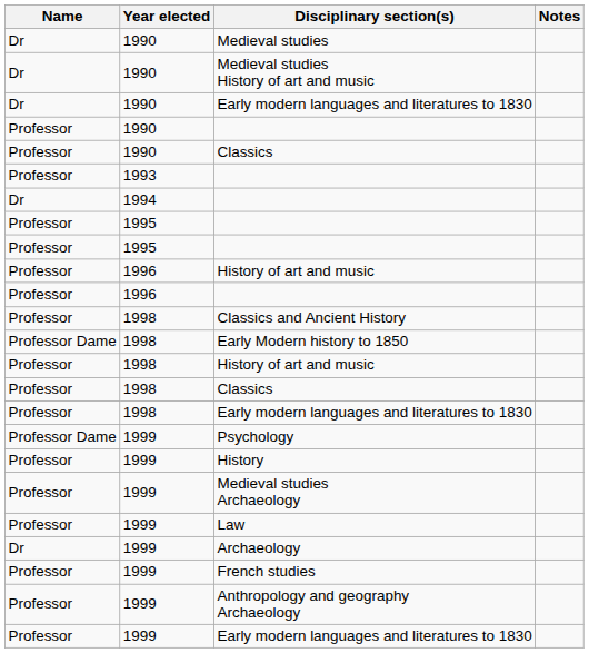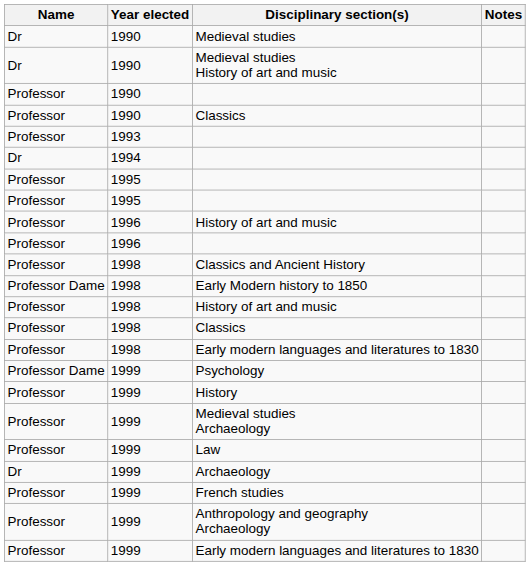 <table class="wikitable sortable">
 <tr>
 <th>Name</th>
 <th>Year elected</th>
 <th>Disciplinary section(s)</th>
 <th>Notes</th>
 </tr>
 <tr>
 <td data-sort-value="Professor West, Stephanie">Dr </td>
 <td>1990</td>
 <td>Medieval studies</td>
 <td></td>
 </tr>
 <tr>
 <td data-sort-value="Professor Bent, Margaret">Dr </td>
 <td>1990</td>
 <td>Medieval studies <br> History of art and music</td>
-<td></td>
-</tr>
-<tr>
-<td data-sort-value="Professor Hellinga, Lotte">Dr </td>
-<td>1990</td>
-<td>Early modern languages and literatures to 1830</td>
 <td></td>
 </tr>
 <tr>
 <td>Professor </td>
 <td>1990</td>
 <td></td>
 <td></td>
 </tr>
 <tr>
 <td>Professor </td>
 <td>1990</td>
 <td>Classics</td>
 <td></td>
 </tr>
 <tr>
 <td>Professor </td>
 <td>1993</td>
 <td></td>
 <td></td>
 </tr>
 <tr>
 <td data-sort-value="Professor Bammel, Caroline">Dr </td>
 <td>1994</td>
 <td></td>
 <td></td>
 </tr>
 <tr>
 <td>Professor </td>
 <td>1995</td>
 <td></td>
 <td></td>
 </tr>
 <tr>
 <td>Professor </td>
 <td>1995</td>
 <td></td>
 <td></td>
 </tr>
 <tr>
 <td>Professor </td>
 <td>1996</td>
 <td>History of art and music</td>
 <td></td>
 </tr>
 <tr>
 <td>Professor </td>
 <td>1996</td>
 <td></td>
 <td></td>
 </tr>
 <tr>
 <td>Professor </td>
 <td>1998</td>
 <td>Classics and Ancient History</td>
 <td></td>
 </tr>
 <tr>
 <td>Professor Dame </td>
 <td>1998</td>
 <td>Early Modern history to 1850</td>
 <td></td>
 </tr>
 <tr>
 <td>Professor </td>
 <td>1998</td>
 <td>History of art and music</td>
 <td></td>
 </tr>
 <tr>
 <td>Professor </td>
 <td>1998</td>
 <td>Classics</td>
 <td></td>
 </tr>
 <tr>
 <td>Professor </td>
 <td>1998</td>
 <td>Early modern languages and literatures to 1830</td>
 <td></td>
 </tr>
 <tr>
 <td>Professor Dame </td>
 <td>1999</td>
 <td>Psychology</td>
 <td></td>
 </tr>
 <tr>
 <td>Professor </td>
 <td>1999</td>
 <td>History</td>
 <td></td>
 </tr>
 <tr>
 <td>Professor </td>
 <td>1999</td>
 <td>Medieval studies <br> Archaeology</td>
 <td></td>
 </tr>
 <tr>
 <td>Professor </td>
 <td>1999</td>
 <td>Law</td>
 <td></td>
 </tr>
 <tr>
 <td data-sort-value="Professor Herrman, Georgina">Dr </td>
 <td>1999</td>
 <td>Archaeology</td>
 <td></td>
 </tr>
 <tr>
 <td>Professor </td>
 <td>1999</td>
 <td>French studies</td>
 <td></td>
 </tr>
 <tr>
 <td>Professor </td>
 <td>1999</td>
 <td>Anthropology and geography <br> Archaeology</td>
 <td></td>
 </tr>
 <tr>
 <td>Professor </td>
 <td>1999</td>
 <td>Early modern languages and literatures to 1830</td>
 <td></td>
 </tr>
 </table>
